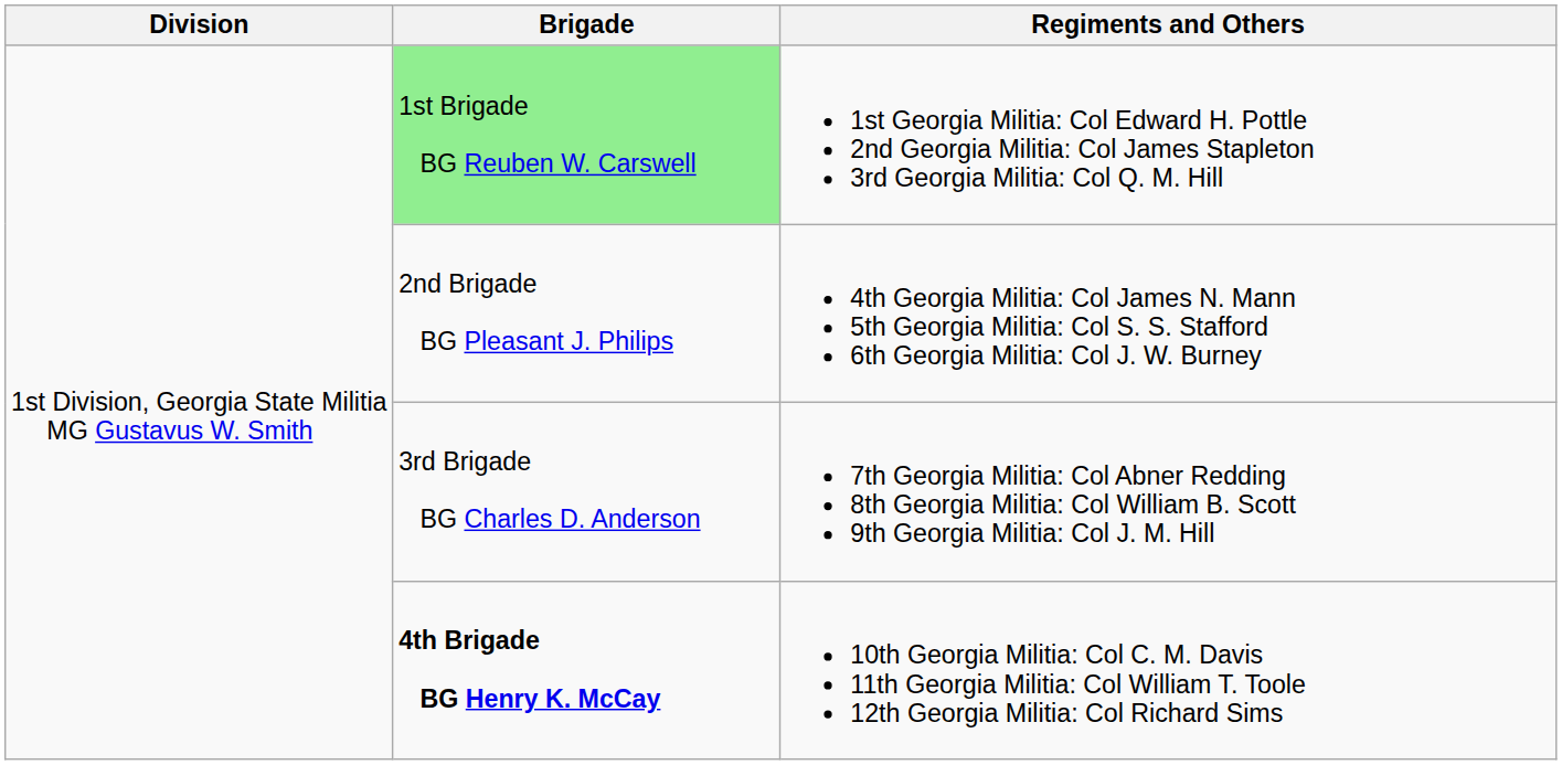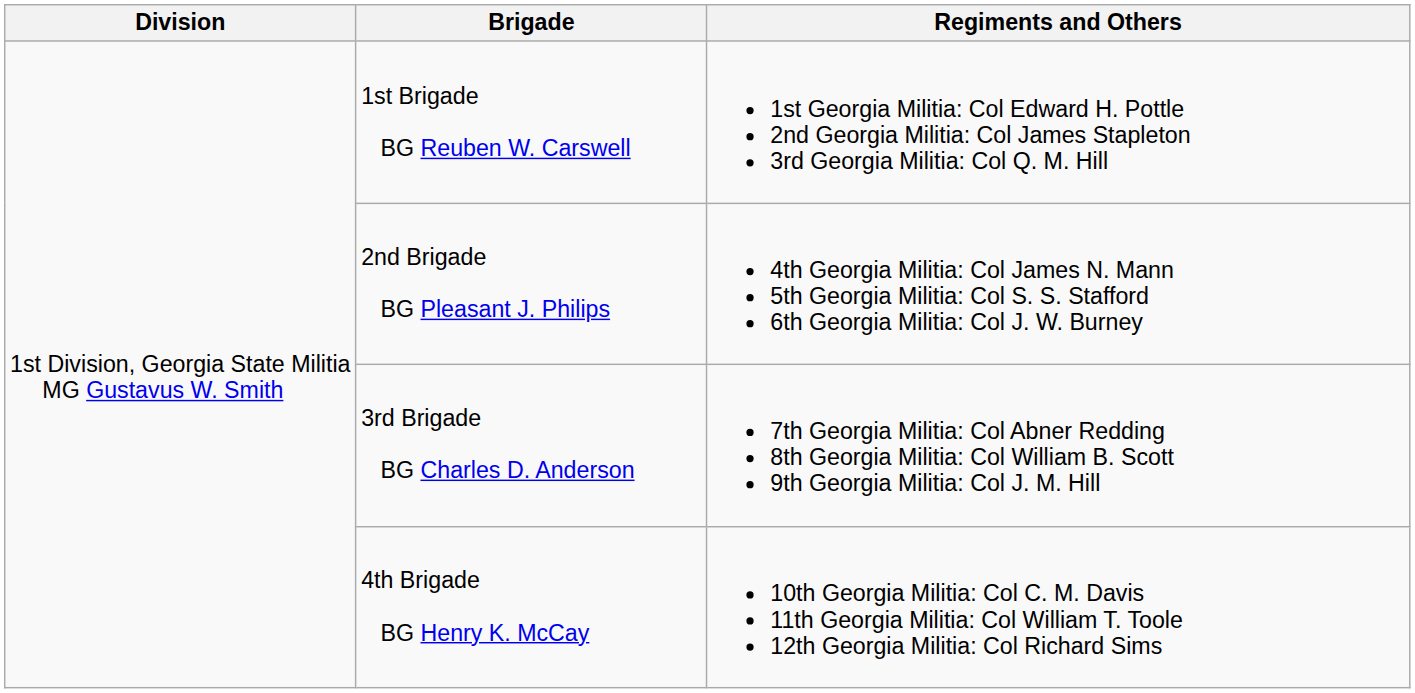 <table class="wikitable">
 <tr>
 <th width=25%>Division</th>
 <th width=25%>Brigade</th>
 <th>Regiments and Others</th>
 </tr>
 <tr>
 <td rowspan=4><br>1st Division, Georgia State Militia <br>     MG <a href='#'>Gustavus W. Smith</a></td>
-<td style="background: lightgreen;">1st Brigade<br><br>   BG <a href='#'>Reuben W. Carswell</a></td>
+<td>1st Brigade<br><br>   BG <a href='#'>Reuben W. Carswell</a></td>
 <td><br><ul><li>1st Georgia Militia: Col Edward H. Pottle</li><li>2nd Georgia Militia: Col James Stapleton</li><li>3rd Georgia Militia: Col Q. M. Hill</li></ul></td>
 </tr>
 <tr>
 <td>2nd Brigade<br><br>   BG <a href='#'>Pleasant J. Philips</a></td>
 <td><br><ul><li>4th Georgia Militia: Col James N. Mann</li><li>5th Georgia Militia: Col S. S. Stafford</li><li>6th Georgia Militia: Col J. W. Burney</li></ul></td>
 </tr>
 <tr>
 <td>3rd Brigade<br><br>   BG <a href='#'>Charles D. Anderson</a></td>
 <td><br><ul><li>7th Georgia Militia: Col Abner Redding</li><li>8th Georgia Militia: Col William B. Scott</li><li>9th Georgia Militia: Col J. M. Hill</li></ul></td>
 </tr>
 <tr>
-<td><strong>4th Brigade<br><br>   BG <a href='#'>Henry K. McCay</a></strong></td>
+<td>4th Brigade<br><br>   BG <a href='#'>Henry K. McCay</a></td>
 <td><br><ul><li>10th Georgia Militia: Col C. M. Davis</li><li>11th Georgia Militia: Col William T. Toole</li><li>12th Georgia Militia: Col Richard Sims</li></ul></td>
 </tr>
 </table>
